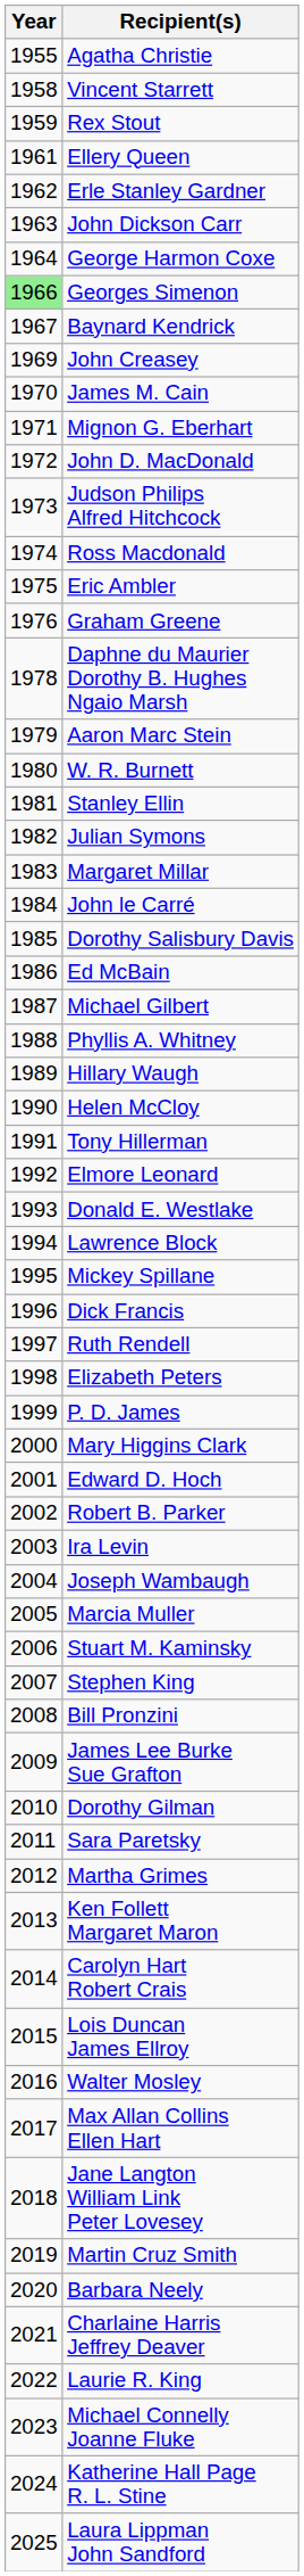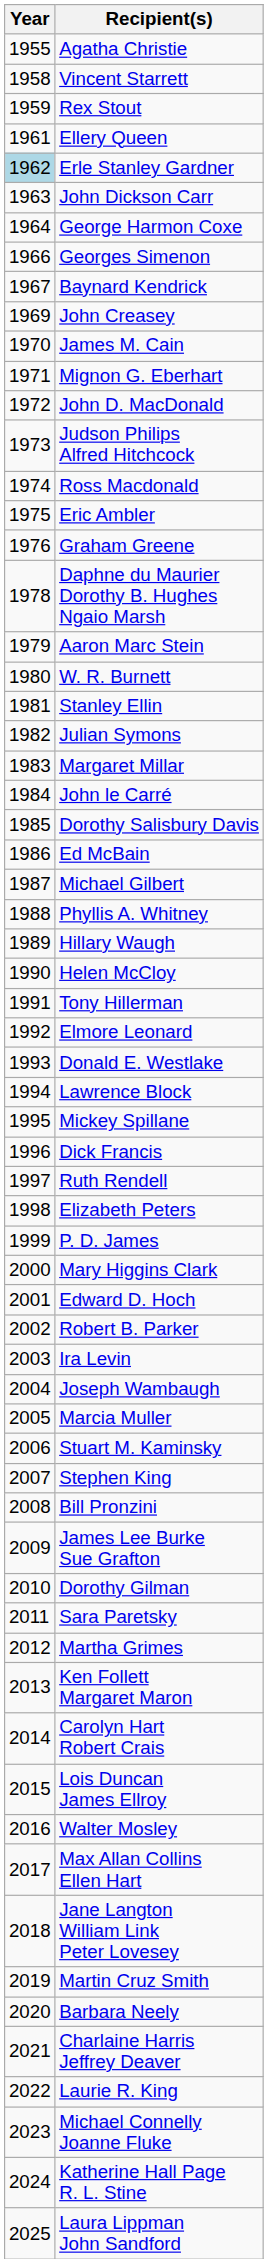 <table class="wikitable">
 <tr>
 <th>Year</th>
 <th>Recipient(s)</th>
 </tr>
 <tr>
 <td>1955</td>
 <td><a href='#'>Agatha Christie</a></td>
 </tr>
 <tr>
 <td>1958</td>
 <td><a href='#'>Vincent Starrett</a></td>
 </tr>
 <tr>
 <td>1959</td>
 <td><a href='#'>Rex Stout</a></td>
 </tr>
 <tr>
 <td>1961</td>
 <td><a href='#'>Ellery Queen</a></td>
 </tr>
 <tr>
-<td>1962</td>
+<td style="background: lightblue;">1962</td>
 <td><a href='#'>Erle Stanley Gardner</a></td>
 </tr>
 <tr>
 <td>1963</td>
 <td><a href='#'>John Dickson Carr</a></td>
 </tr>
 <tr>
 <td>1964</td>
 <td><a href='#'>George Harmon Coxe</a></td>
 </tr>
 <tr>
-<td style="background: lightgreen;">1966</td>
+<td>1966</td>
 <td><a href='#'>Georges Simenon</a></td>
 </tr>
 <tr>
 <td>1967</td>
 <td><a href='#'>Baynard Kendrick</a></td>
 </tr>
 <tr>
 <td>1969</td>
 <td><a href='#'>John Creasey</a></td>
 </tr>
 <tr>
 <td>1970</td>
 <td><a href='#'>James M. Cain</a></td>
 </tr>
 <tr>
 <td>1971</td>
 <td><a href='#'>Mignon G. Eberhart</a></td>
 </tr>
 <tr>
 <td>1972</td>
 <td><a href='#'>John D. MacDonald</a></td>
 </tr>
 <tr>
 <td>1973</td>
 <td><a href='#'>Judson Philips</a><br> <a href='#'>Alfred Hitchcock</a></td>
 </tr>
 <tr>
 <td>1974</td>
 <td><a href='#'>Ross Macdonald</a></td>
 </tr>
 <tr>
 <td>1975</td>
 <td><a href='#'>Eric Ambler</a></td>
 </tr>
 <tr>
 <td>1976</td>
 <td><a href='#'>Graham Greene</a></td>
 </tr>
 <tr>
 <td>1978</td>
 <td><a href='#'>Daphne du Maurier</a><br> <a href='#'>Dorothy B. Hughes</a><br> <a href='#'>Ngaio Marsh</a></td>
 </tr>
 <tr>
 <td>1979</td>
 <td><a href='#'>Aaron Marc Stein</a></td>
 </tr>
 <tr>
 <td>1980</td>
 <td><a href='#'>W. R. Burnett</a></td>
 </tr>
 <tr>
 <td>1981</td>
 <td><a href='#'>Stanley Ellin</a></td>
 </tr>
 <tr>
 <td>1982</td>
 <td><a href='#'>Julian Symons</a></td>
 </tr>
 <tr>
 <td>1983</td>
 <td><a href='#'>Margaret Millar</a></td>
 </tr>
 <tr>
 <td>1984</td>
 <td><a href='#'>John le Carré</a></td>
 </tr>
 <tr>
 <td>1985</td>
 <td><a href='#'>Dorothy Salisbury Davis</a></td>
 </tr>
 <tr>
 <td>1986</td>
 <td><a href='#'>Ed McBain</a></td>
 </tr>
 <tr>
 <td>1987</td>
 <td><a href='#'>Michael Gilbert</a></td>
 </tr>
 <tr>
 <td>1988</td>
 <td><a href='#'>Phyllis A. Whitney</a></td>
 </tr>
 <tr>
 <td>1989</td>
 <td><a href='#'>Hillary Waugh</a></td>
 </tr>
 <tr>
 <td>1990</td>
 <td><a href='#'>Helen McCloy</a></td>
 </tr>
 <tr>
 <td>1991</td>
 <td><a href='#'>Tony Hillerman</a></td>
 </tr>
 <tr>
 <td>1992</td>
 <td><a href='#'>Elmore Leonard</a></td>
 </tr>
 <tr>
 <td>1993</td>
 <td><a href='#'>Donald E. Westlake</a></td>
 </tr>
 <tr>
 <td>1994</td>
 <td><a href='#'>Lawrence Block</a></td>
 </tr>
 <tr>
 <td>1995</td>
 <td><a href='#'>Mickey Spillane</a></td>
 </tr>
 <tr>
 <td>1996</td>
 <td><a href='#'>Dick Francis</a></td>
 </tr>
 <tr>
 <td>1997</td>
 <td><a href='#'>Ruth Rendell</a></td>
 </tr>
 <tr>
 <td>1998</td>
 <td><a href='#'>Elizabeth Peters</a></td>
 </tr>
 <tr>
 <td>1999</td>
 <td><a href='#'>P. D. James</a></td>
 </tr>
 <tr>
 <td>2000</td>
 <td><a href='#'>Mary Higgins Clark</a></td>
 </tr>
 <tr>
 <td>2001</td>
 <td><a href='#'>Edward D. Hoch</a></td>
 </tr>
 <tr>
 <td>2002</td>
 <td><a href='#'>Robert B. Parker</a></td>
 </tr>
 <tr>
 <td>2003</td>
 <td><a href='#'>Ira Levin</a></td>
 </tr>
 <tr>
 <td>2004</td>
 <td><a href='#'>Joseph Wambaugh</a></td>
 </tr>
 <tr>
 <td>2005</td>
 <td><a href='#'>Marcia Muller</a></td>
 </tr>
 <tr>
 <td>2006</td>
 <td><a href='#'>Stuart M. Kaminsky</a></td>
 </tr>
 <tr>
 <td>2007</td>
 <td><a href='#'>Stephen King</a></td>
 </tr>
 <tr>
 <td>2008</td>
 <td><a href='#'>Bill Pronzini</a></td>
 </tr>
 <tr>
 <td>2009</td>
 <td><a href='#'>James Lee Burke</a> <br> <a href='#'>Sue Grafton</a></td>
 </tr>
 <tr>
 <td>2010</td>
 <td><a href='#'>Dorothy Gilman</a></td>
 </tr>
 <tr>
 <td>2011</td>
 <td><a href='#'>Sara Paretsky</a></td>
 </tr>
 <tr>
 <td>2012</td>
 <td><a href='#'>Martha Grimes</a></td>
 </tr>
 <tr>
 <td>2013</td>
 <td><a href='#'>Ken Follett</a><br> <a href='#'>Margaret Maron</a></td>
 </tr>
 <tr>
 <td>2014</td>
 <td><a href='#'>Carolyn Hart</a><br> <a href='#'>Robert Crais</a></td>
 </tr>
 <tr>
 <td>2015</td>
 <td><a href='#'>Lois Duncan</a><br> <a href='#'>James Ellroy</a></td>
 </tr>
 <tr>
 <td>2016</td>
 <td><a href='#'>Walter Mosley</a></td>
 </tr>
 <tr>
 <td>2017</td>
 <td><a href='#'>Max Allan Collins</a><br> <a href='#'>Ellen Hart</a></td>
 </tr>
 <tr>
 <td>2018</td>
 <td><a href='#'>Jane Langton</a><br> <a href='#'>William Link</a> <br> <a href='#'>Peter Lovesey</a></td>
 </tr>
 <tr>
 <td>2019</td>
 <td><a href='#'>Martin Cruz Smith</a></td>
 </tr>
 <tr>
 <td>2020</td>
 <td><a href='#'>Barbara Neely</a></td>
 </tr>
 <tr>
 <td>2021</td>
 <td><a href='#'>Charlaine Harris</a><br> <a href='#'>Jeffrey Deaver</a></td>
 </tr>
 <tr>
 <td>2022</td>
 <td><a href='#'>Laurie R. King</a></td>
 </tr>
 <tr>
 <td>2023</td>
 <td><a href='#'>Michael Connelly</a><br> <a href='#'>Joanne Fluke</a></td>
 </tr>
 <tr>
 <td>2024</td>
 <td><a href='#'>Katherine Hall Page</a><br> <a href='#'>R. L. Stine</a></td>
 </tr>
 <tr>
 <td>2025</td>
 <td><a href='#'>Laura Lippman</a><br> <a href='#'>John Sandford</a></td>
 </tr>
 </table>
